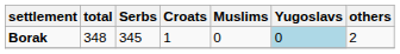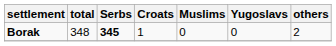 <table class="wikitable" style="font-size:95%;">
 <tr>
 <th>settlement</th>
 <th>total</th>
 <th>Serbs</th>
 <th>Croats</th>
 <th>Muslims</th>
 <th>Yugoslavs</th>
 <th>others</th>
 </tr>
 <tr>
 <td rowspan="1"><strong>Borak</strong></td>
 <td>348</td>
-<td>345</td>
+<td><strong>345</strong></td>
 <td>1</td>
 <td>0</td>
-<td style="background: lightblue;">0</td>
+<td>0</td>
 <td>2</td>
 </tr>
 <tr>
 </tr>
 </table>
